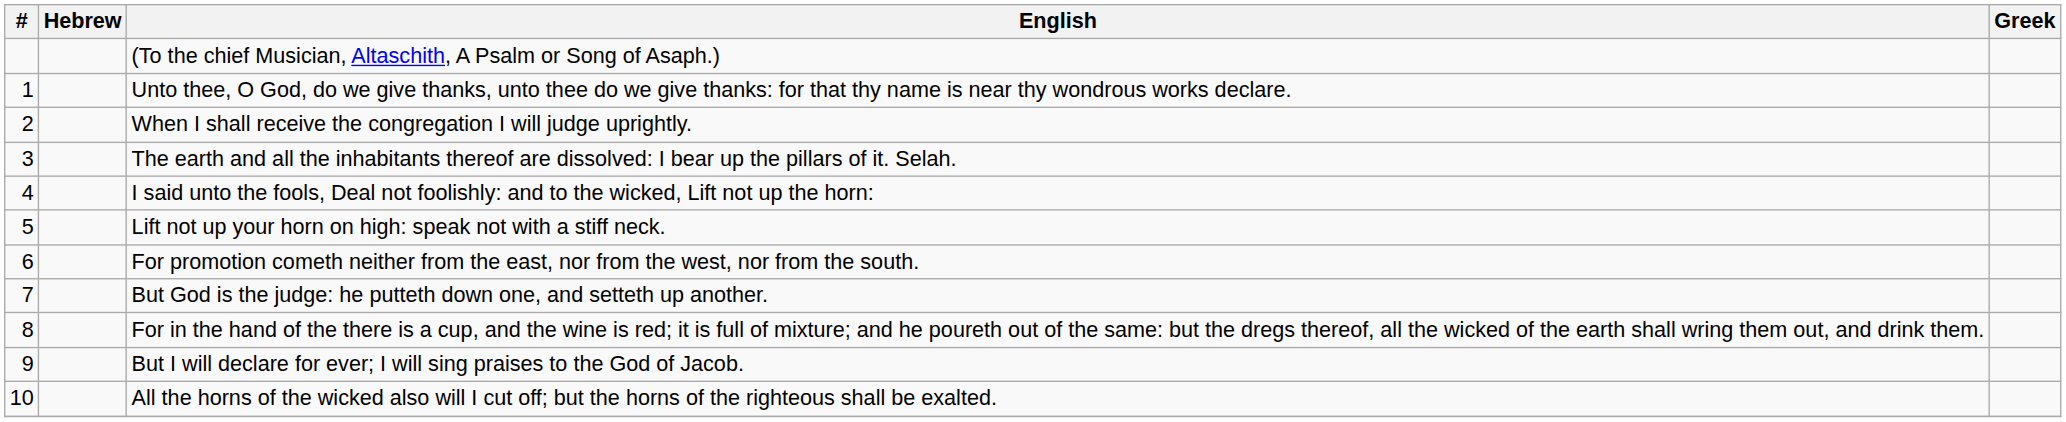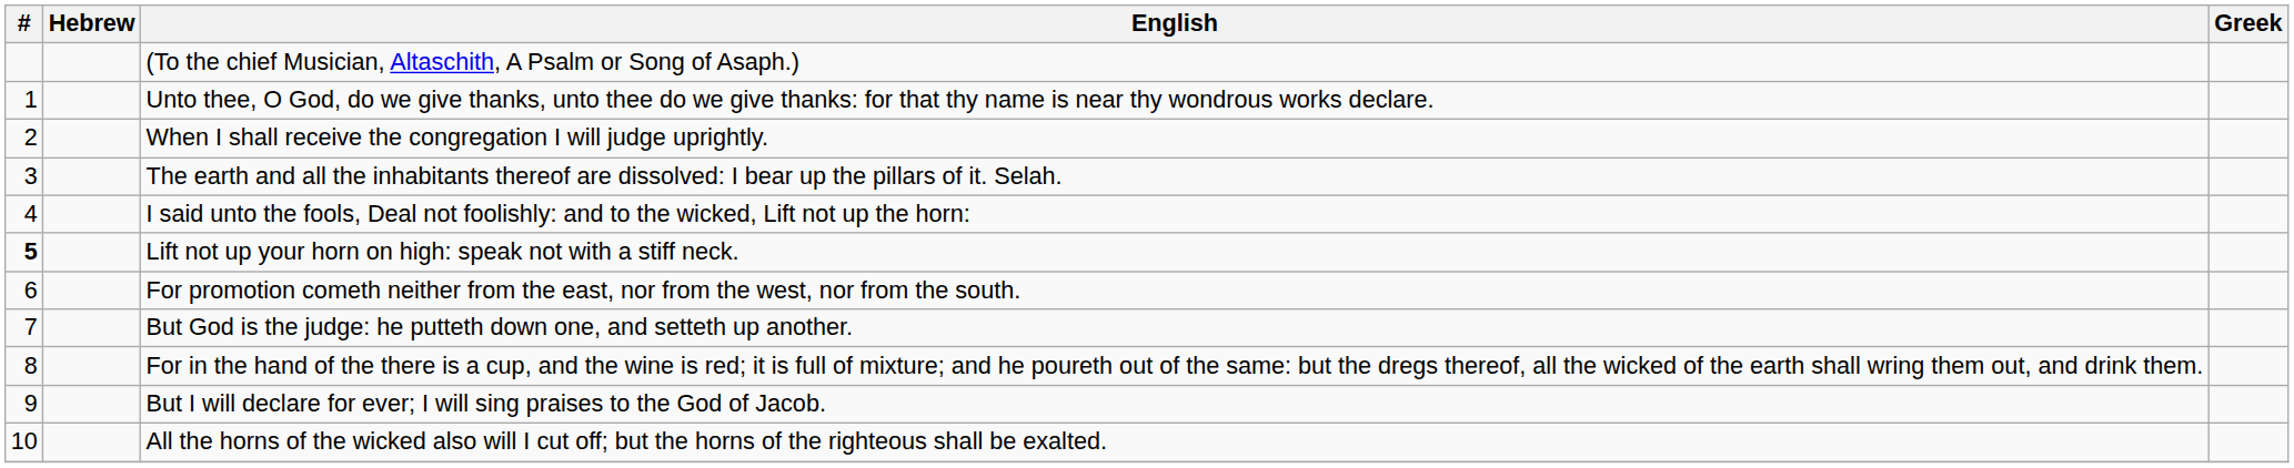 <table class=wikitable>
 <tr>
 <th>#</th>
 <th>Hebrew</th>
 <th>English</th>
 <th>Greek</th>
 </tr>
 <tr>
 <td style="text-align:right"></td>
 <td style="text-align:right"></td>
 <td>(To the chief Musician, <a href='#'>Altaschith</a>, A Psalm or Song of Asaph.)</td>
 <td></td>
 </tr>
 <tr>
 <td style="text-align:right">1</td>
 <td style="text-align:right"></td>
 <td>Unto thee, O God, do we give thanks, unto thee do we give thanks: for that thy name is near thy wondrous works declare.</td>
 <td></td>
 </tr>
 <tr>
 <td style="text-align:right">2</td>
 <td style="text-align:right"></td>
 <td>When I shall receive the congregation I will judge uprightly.</td>
 <td></td>
 </tr>
 <tr>
 <td style="text-align:right">3</td>
 <td style="text-align:right"></td>
 <td>The earth and all the inhabitants thereof are dissolved: I bear up the pillars of it. Selah.</td>
 <td></td>
 </tr>
 <tr>
 <td style="text-align:right">4</td>
 <td style="text-align:right"></td>
 <td>I said unto the fools, Deal not foolishly: and to the wicked, Lift not up the horn:</td>
 <td></td>
 </tr>
 <tr>
-<td style="text-align:right">5</td>
+<td style="text-align:right"><strong>5</strong></td>
 <td style="text-align:right"></td>
 <td>Lift not up your horn on high: speak not with a stiff neck.</td>
 <td></td>
 </tr>
 <tr>
 <td style="text-align:right">6</td>
 <td style="text-align:right"></td>
 <td>For promotion cometh neither from the east, nor from the west, nor from the south.</td>
 <td></td>
 </tr>
 <tr>
 <td style="text-align:right">7</td>
 <td style="text-align:right"></td>
 <td>But God is the judge: he putteth down one, and setteth up another.</td>
 <td></td>
 </tr>
 <tr>
 <td style="text-align:right">8</td>
 <td style="text-align:right"></td>
 <td>For in the hand of the  there is a cup, and the wine is red; it is full of mixture; and he poureth out of the same: but the dregs thereof, all the wicked of the earth shall wring them out, and drink them.</td>
 <td></td>
 </tr>
 <tr>
 <td style="text-align:right">9</td>
 <td style="text-align:right"></td>
 <td>But I will declare for ever; I will sing praises to the God of Jacob.</td>
 <td></td>
 </tr>
 <tr>
 <td style="text-align:right">10</td>
 <td style="text-align:right"></td>
 <td>All the horns of the wicked also will I cut off; but the horns of the righteous shall be exalted.</td>
 <td></td>
 </tr>
 <tr>
 </tr>
 </table>
